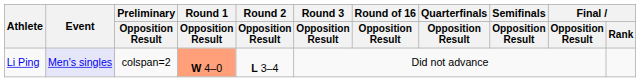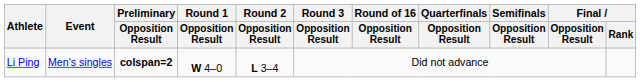 <table class="wikitable" style="font-size:90%;">
 <tr>
 <th rowspan=2>Athlete</th>
 <th rowspan=2>Event</th>
 <th>Preliminary</th>
 <th>Round 1</th>
 <th>Round 2</th>
 <th>Round 3</th>
 <th>Round of 16</th>
 <th>Quarterfinals</th>
 <th>Semifinals</th>
 <th colspan=2>Final / </th>
 </tr>
 <tr style="font-size:95%">
 <th>Opposition<br>Result</th>
 <th>Opposition<br>Result</th>
 <th>Opposition<br>Result</th>
 <th>Opposition<br>Result</th>
 <th>Opposition<br>Result</th>
 <th>Opposition<br>Result</th>
 <th>Opposition<br>Result</th>
 <th>Opposition<br>Result</th>
 <th>Rank</th>
 </tr>
 <tr align=center>
 <td align=left><a href='#'>Li Ping</a></td>
-<td align=left style="background: lavender;"><a href='#'>Men's singles</a></td>
-<td>colspan=2 </td>
-<td style="background: lightsalmon;"><br><strong>W</strong> 4–0</td>
+<td align=left><a href='#'>Men's singles</a></td>
+<td><strong>colspan=2 </strong></td>
+<td><br><strong>W</strong> 4–0</td>
 <td><br><strong>L</strong> 3–4</td>
 <td colspan=5>Did not advance</td>
 </tr>
 </table>
